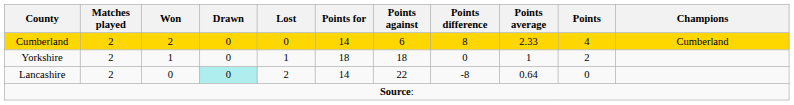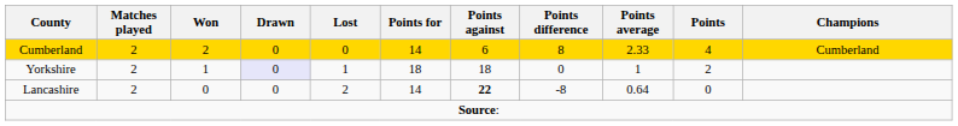 <table class="wikitable plainrowheaders" style="text-align: center; width: 60%">
 <tr>
 <th scope="col" style="width: 5%;">County</th>
 <th scope="col" style="width: 5%;">Matches played</th>
 <th scope="col" style="width: 5%;">Won</th>
 <th scope="col" style="width: 5%;">Drawn</th>
 <th scope="col" style="width: 5%;">Lost</th>
 <th scope="col" style="width: 5%;">Points for</th>
 <th scope="col" style="width: 5%;">Points against</th>
 <th scope="col" style="width: 5%;">Points difference</th>
 <th scope="col" style="width: 5%;">Points average</th>
 <th scope="col" style="width: 5%;">Points</th>
 <th scope="col" style="width: 15%;">Champions</th>
 </tr>
 <tr style="background: gold;">
 <td>Cumberland</td>
 <td>2</td>
 <td>2</td>
 <td>0</td>
 <td>0</td>
 <td>14</td>
 <td>6</td>
 <td>8</td>
 <td>2.33</td>
 <td>4</td>
 <td>Cumberland</td>
 </tr>
 <tr>
 <td>Yorkshire</td>
 <td>2</td>
 <td>1</td>
-<td>0</td>
+<td style="background: lavender;">0</td>
 <td>1</td>
 <td>18</td>
 <td>18</td>
 <td>0</td>
 <td>1</td>
 <td>2</td>
 <td></td>
 </tr>
 <tr>
 <td>Lancashire</td>
 <td>2</td>
 <td>0</td>
-<td style="background: paleturquoise;">0</td>
+<td>0</td>
 <td>2</td>
 <td>14</td>
-<td>22</td>
+<td><strong>22</strong></td>
 <td>-8</td>
 <td>0.64</td>
 <td>0</td>
 <td></td>
 </tr>
 <tr>
 <td colspan="11"><strong>Source</strong>:</td>
 </tr>
 </table>
